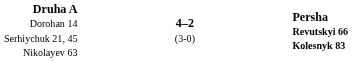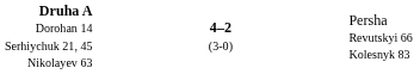 <table width=100% cellspacing=1>
 <tr>
 <th width=20%></th>
 <th width=20%></th>
 <th width=20%></th>
 <th></th>
 </tr>
 <tr style=font-size:90%>
 <td align=right><strong>Druha A</strong><br><small>Dorohan 14</small><br><small>Serhiychuk 21, 45</small><br><small>Nikolayev 63</small></td>
 <td align=center><strong>4–2</strong><br><small>(3-0)</small></td>
-<td><strong>Persha<br><small>Revutskyi 66</small><br><small>Kolesnyk 83</small></strong></td>
+<td>Persha<br><small>Revutskyi 66</small><br><small>Kolesnyk 83</small></td>
 <td></td>
 </tr>
 </table>
